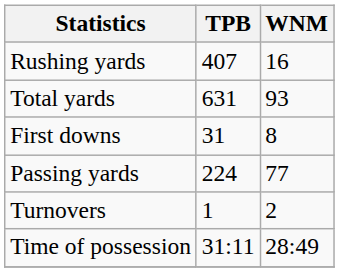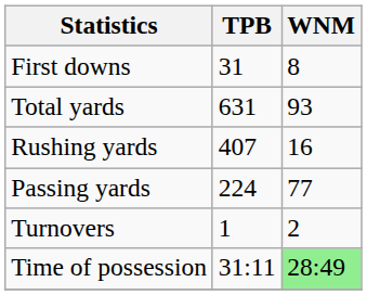 <table class="wikitable" style="float: left;">
 <tr>
 <th>Statistics</th>
 <th>TPB</th>
 <th>WNM</th>
 </tr>
 <tr>
-<td>Rushing yards</td>
-<td>407</td>
-<td>16</td>
+<td>First downs</td>
+<td>31</td>
+<td>8</td>
 </tr>
 <tr>
 <td>Total yards</td>
 <td>631</td>
 <td>93</td>
 </tr>
 <tr>
-<td>First downs</td>
-<td>31</td>
-<td>8</td>
+<td>Rushing yards</td>
+<td>407</td>
+<td>16</td>
 </tr>
 <tr>
 <td>Passing yards</td>
 <td>224</td>
 <td>77</td>
 </tr>
 <tr>
 <td>Turnovers</td>
 <td>1</td>
 <td>2</td>
 </tr>
 <tr>
 <td>Time of possession</td>
 <td>31:11</td>
-<td>28:49</td>
+<td style="background: lightgreen;">28:49</td>
 </tr>
 <tr>
 </tr>
 </table>
